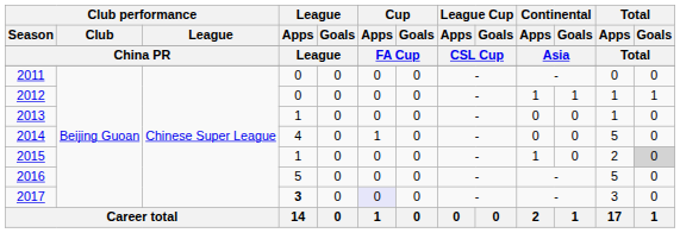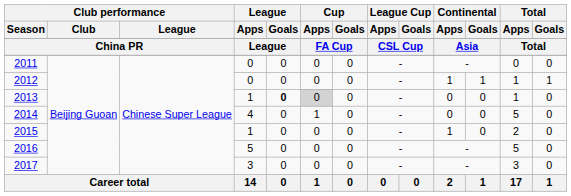 <table class="wikitable" style="text-align:center">
 <tr>
 <th colspan=3>Club performance</th>
 <th colspan=2>League</th>
 <th colspan=2>Cup</th>
 <th colspan=2>League Cup</th>
 <th colspan=2>Continental</th>
 <th colspan=2>Total</th>
 </tr>
 <tr>
 <th>Season</th>
 <th>Club</th>
 <th>League</th>
 <th>Apps</th>
 <th>Goals</th>
 <th>Apps</th>
 <th>Goals</th>
 <th>Apps</th>
 <th>Goals</th>
 <th>Apps</th>
 <th>Goals</th>
 <th>Apps</th>
 <th>Goals</th>
 </tr>
 <tr>
 </tr>
 <tr>
 <th colspan=3>China PR</th>
 <th colspan=2>League</th>
 <th colspan=2><a href='#'>FA Cup</a></th>
 <th colspan=2><a href='#'>CSL Cup</a></th>
 <th colspan=2><a href='#'>Asia</a></th>
 <th colspan=2>Total</th>
 </tr>
 <tr>
 </tr>
 <tr>
 <td><a href='#'>2011</a></td>
 <td rowspan="7"><a href='#'>Beijing Guoan</a></td>
 <td rowspan="7"><a href='#'>Chinese Super League</a></td>
 <td>0</td>
 <td>0</td>
 <td>0</td>
 <td>0</td>
 <td colspan="2">-</td>
 <td colspan="2">-</td>
 <td>0</td>
 <td>0</td>
 </tr>
 <tr>
 <td><a href='#'>2012</a></td>
 <td>0</td>
 <td>0</td>
 <td>0</td>
 <td>0</td>
 <td colspan="2">-</td>
 <td>1</td>
 <td>1</td>
 <td>1</td>
 <td>1</td>
 </tr>
 <tr>
 <td><a href='#'>2013</a></td>
 <td>1</td>
-<td>0</td>
-<td>0</td>
+<td><strong>0</strong></td>
+<td style="background: lightgrey;">0</td>
 <td>0</td>
 <td colspan="2">-</td>
 <td>0</td>
 <td>0</td>
 <td>1</td>
 <td>0</td>
 </tr>
 <tr>
 <td><a href='#'>2014</a></td>
 <td>4</td>
 <td>0</td>
 <td>1</td>
 <td>0</td>
 <td colspan="2">-</td>
 <td>0</td>
 <td>0</td>
 <td>5</td>
 <td>0</td>
 </tr>
 <tr>
 <td><a href='#'>2015</a></td>
 <td>1</td>
 <td>0</td>
 <td>0</td>
 <td>0</td>
 <td colspan="2">-</td>
 <td>1</td>
 <td>0</td>
 <td>2</td>
-<td style="background: lightgrey;">0</td>
+<td>0</td>
 </tr>
 <tr>
 <td><a href='#'>2016</a></td>
 <td>5</td>
 <td>0</td>
 <td>0</td>
 <td>0</td>
 <td colspan="2">-</td>
 <td colspan="2">-</td>
 <td>5</td>
 <td>0</td>
 </tr>
 <tr>
 <td><a href='#'>2017</a></td>
-<td><strong>3</strong></td>
+<td>3</td>
 <td>0</td>
-<td style="background: lavender;">0</td>
+<td>0</td>
 <td>0</td>
 <td colspan="2">-</td>
 <td colspan="2">-</td>
 <td>3</td>
 <td>0</td>
 </tr>
 <tr>
 <th colspan=3>Career total</th>
 <th>14</th>
 <th>0</th>
 <th>1</th>
 <th>0</th>
 <th>0</th>
 <th>0</th>
 <th>2</th>
 <th>1</th>
 <th>17</th>
 <th>1</th>
 </tr>
 </table>
